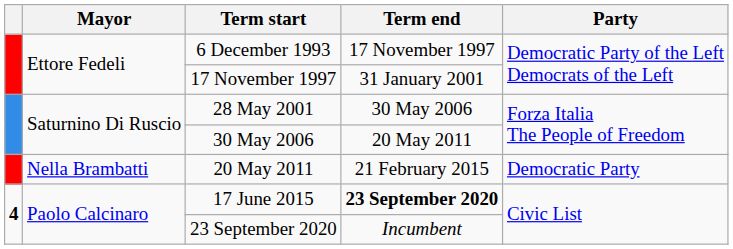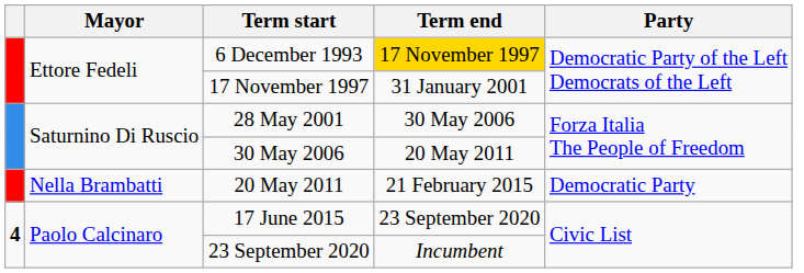 <table class="wikitable">
 <tr>
 <th class=unsortable> </th>
 <th>Mayor</th>
 <th>Term start</th>
 <th>Term end</th>
 <th>Party</th>
 </tr>
 <tr>
 <th rowspan=2 style="background:#FF0000;"></th>
 <td rowspan=2>Ettore Fedeli</td>
 <td align=center>6 December 1993</td>
-<td align=center>17 November 1997</td>
+<td align=center style="background: gold;">17 November 1997</td>
 <td rowspan=2><a href='#'>Democratic Party of the Left</a><br><a href='#'>Democrats of the Left</a></td>
 </tr>
 <tr>
 <td align=center>17 November 1997</td>
 <td align=center>31 January 2001</td>
 </tr>
 <tr>
 <th rowspan=2 style="background:#318CE7;"></th>
 <td rowspan=2>Saturnino Di Ruscio</td>
 <td align=center>28 May 2001</td>
 <td align=center>30 May 2006</td>
 <td rowspan=2><a href='#'>Forza Italia</a><br><a href='#'>The People of Freedom</a></td>
 </tr>
 <tr>
 <td align=center>30 May 2006</td>
 <td align=center>20 May 2011</td>
 </tr>
 <tr>
 <th style="background:#FF0000;"></th>
 <td><a href='#'>Nella Brambatti</a></td>
 <td align=center>20 May 2011</td>
 <td align=center>21 February 2015</td>
 <td><a href='#'>Democratic Party</a></td>
 </tr>
 <tr>
 <td rowspan=2><strong>4</strong></td>
 <td rowspan=2><a href='#'>Paolo Calcinaro</a></td>
 <td align=center>17 June 2015</td>
-<td align=center><strong>23 September 2020</strong></td>
+<td align=center>23 September 2020</td>
 <td rowspan=2><a href='#'>Civic List</a></td>
 </tr>
 <tr>
 <td align=center>23 September 2020</td>
 <td align=center><em>Incumbent</em></td>
 </tr>
 </table>
